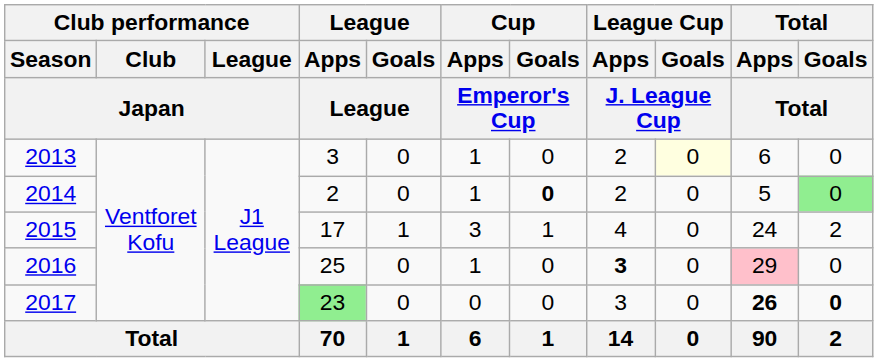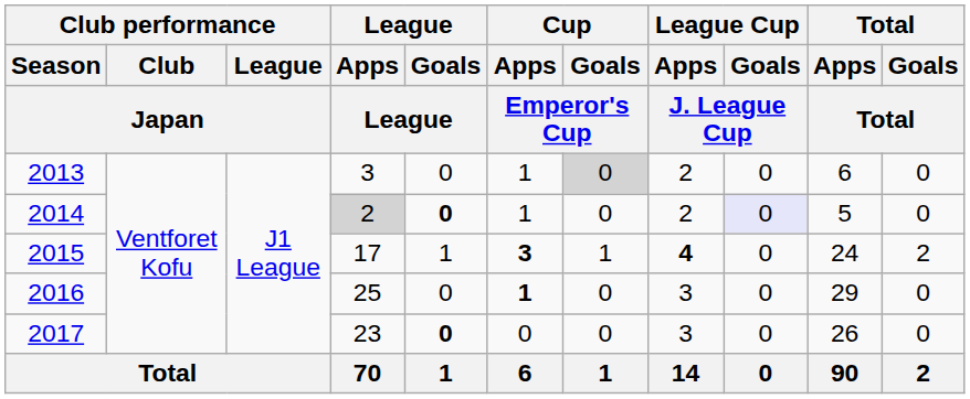 <table class="wikitable" style="text-align:center;">
 <tr>
 <th colspan=3>Club performance</th>
 <th colspan=2>League</th>
 <th colspan=2>Cup</th>
 <th colspan=2>League Cup</th>
 <th colspan=2>Total</th>
 </tr>
 <tr>
 <th>Season</th>
 <th>Club</th>
 <th>League</th>
 <th>Apps</th>
 <th>Goals</th>
 <th>Apps</th>
 <th>Goals</th>
 <th>Apps</th>
 <th>Goals</th>
 <th>Apps</th>
 <th>Goals</th>
 </tr>
 <tr>
 <th colspan=3>Japan</th>
 <th colspan=2>League</th>
 <th colspan=2><a href='#'>Emperor's Cup</a></th>
 <th colspan=2><a href='#'>J. League Cup</a></th>
 <th colspan=6>Total</th>
 </tr>
 <tr>
 <td><a href='#'>2013</a></td>
 <td rowspan="5"><a href='#'>Ventforet Kofu</a></td>
 <td rowspan="5"><a href='#'>J1 League</a></td>
 <td>3</td>
 <td>0</td>
 <td>1</td>
+<td style="background: lightgrey;">0</td>
+<td>2</td>
 <td>0</td>
-<td>2</td>
-<td style="background: lightyellow;">0</td>
 <td>6</td>
 <td>0</td>
 </tr>
 <tr>
 <td><a href='#'>2014</a></td>
+<td style="background: lightgrey;">2</td>
+<td><strong>0</strong></td>
+<td>1</td>
+<td>0</td>
 <td>2</td>
+<td style="background: lavender;">0</td>
+<td>5</td>
 <td>0</td>
-<td>1</td>
-<td><strong>0</strong></td>
-<td>2</td>
-<td>0</td>
-<td>5</td>
-<td style="background: lightgreen;">0</td>
 </tr>
 <tr>
 <td><a href='#'>2015</a></td>
 <td>17</td>
 <td>1</td>
-<td>3</td>
+<td><strong>3</strong></td>
 <td>1</td>
-<td>4</td>
+<td><strong>4</strong></td>
 <td>0</td>
 <td>24</td>
 <td>2</td>
 </tr>
 <tr>
 <td><a href='#'>2016</a></td>
 <td>25</td>
 <td>0</td>
-<td>1</td>
+<td><strong>1</strong></td>
 <td>0</td>
-<td><strong>3</strong></td>
+<td>3</td>
 <td>0</td>
-<td style="background: pink;">29</td>
+<td>29</td>
 <td>0</td>
 </tr>
 <tr>
 <td><a href='#'>2017</a></td>
-<td style="background: lightgreen;">23</td>
-<td>0</td>
+<td>23</td>
+<td><strong>0</strong></td>
 <td>0</td>
 <td>0</td>
 <td>3</td>
 <td>0</td>
-<td><strong>26</strong></td>
-<td><strong>0</strong></td>
+<td>26</td>
+<td>0</td>
 </tr>
 <tr>
 <th colspan=3>Total</th>
 <th>70</th>
 <th>1</th>
 <th>6</th>
 <th>1</th>
 <th>14</th>
 <th>0</th>
 <th>90</th>
 <th>2</th>
 </tr>
 </table>
